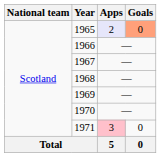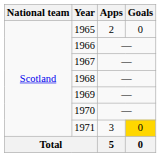 <table class="wikitable" style="text-align:center">
 <tr>
 <th>National team</th>
 <th>Year</th>
 <th>Apps</th>
 <th>Goals</th>
 </tr>
 <tr>
 <td rowspan="7"><a href='#'>Scotland</a></td>
 <td>1965</td>
-<td style="background: lavender;">2</td>
-<td style="background: lightsalmon;">0</td>
+<td>2</td>
+<td>0</td>
 </tr>
 <tr>
 <td>1966</td>
 <td colspan="2">—</td>
 </tr>
 <tr>
 <td>1967</td>
 <td colspan="2">—</td>
 </tr>
 <tr>
 <td>1968</td>
 <td colspan="2">—</td>
 </tr>
 <tr>
 <td>1969</td>
 <td colspan="2">—</td>
 </tr>
 <tr>
 <td>1970</td>
 <td colspan="2">—</td>
 </tr>
 <tr>
 <td>1971</td>
-<td style="background: pink;">3</td>
-<td>0</td>
+<td>3</td>
+<td style="background: gold;">0</td>
 </tr>
 <tr>
 <th colspan="2">Total</th>
 <th>5</th>
 <th>0</th>
 </tr>
 </table>
